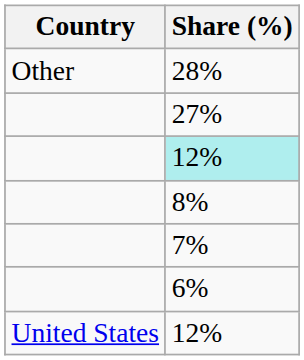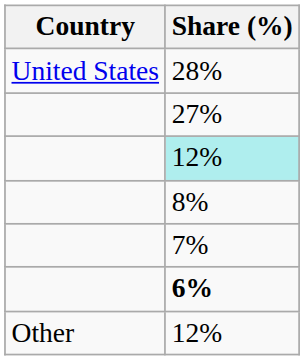 <table class="wikitable sortable" style="float:right; font-size:100%; margin-left:15px;">
 <tr>
 <th>Country</th>
 <th>Share (%)</th>
 </tr>
 <tr>
-<td align="left">Other</td>
+<td align="left"> <a href='#'>United States</a></td>
 <td>28%</td>
 </tr>
 <tr>
 <td align="left"></td>
 <td>27%</td>
 </tr>
 <tr>
 <td align="left"></td>
 <td style="background: paleturquoise;">12%</td>
 </tr>
 <tr>
 <td align="left"></td>
 <td>8%</td>
 </tr>
 <tr>
 <td align="left"></td>
 <td>7%</td>
 </tr>
 <tr>
 <td align="left"></td>
-<td>6%</td>
+<td><strong>6%</strong></td>
 </tr>
 <tr>
-<td align="left"> <a href='#'>United States</a></td>
+<td align="left">Other</td>
 <td>12%</td>
 </tr>
 </table>
